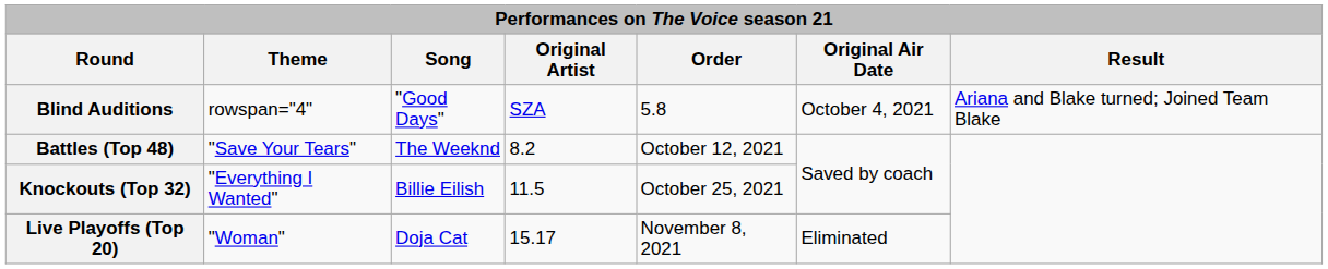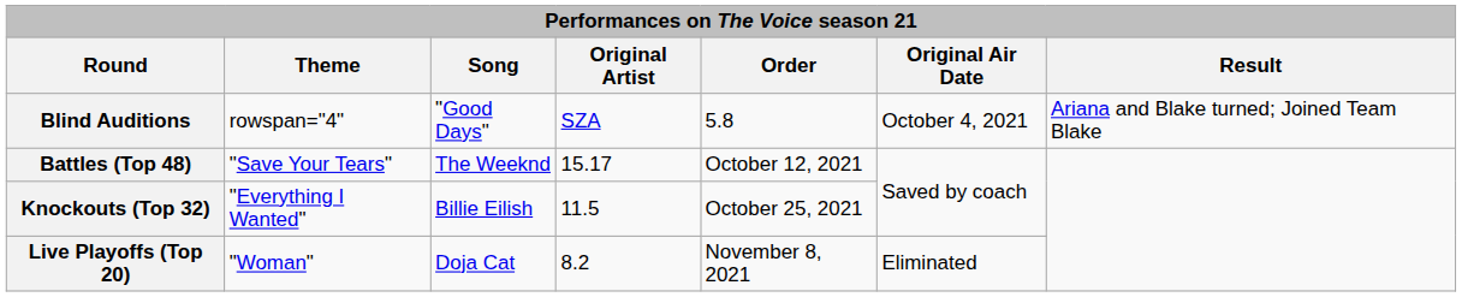 <table class="wikitable collapsible collapsed" style="width:90%; margin:1em auto 1em auto;">
 <tr>
 <th colspan="7" style="background:#BFBFBF;">Performances on <em>The Voice</em> season 21</th>
 </tr>
 <tr>
 <th>Round</th>
 <th>Theme</th>
 <th>Song</th>
 <th>Original Artist</th>
 <th>Order</th>
 <th>Original Air Date</th>
 <th>Result</th>
 </tr>
 <tr>
 <th>Blind Auditions</th>
 <td>rowspan="4" </td>
 <td>"<a href='#'>Good Days</a>"</td>
 <td><a href='#'>SZA</a></td>
 <td>5.8</td>
 <td>October 4, 2021</td>
 <td><a href='#'>Ariana</a> and Blake turned; Joined Team Blake</td>
 </tr>
 <tr>
 <th>Battles (Top 48)</th>
 <td>"<a href='#'>Save Your Tears</a>" </td>
 <td><a href='#'>The Weeknd</a></td>
-<td>8.2</td>
+<td>15.17</td>
 <td>October 12, 2021</td>
 <td rowspan="2">Saved by coach</td>
 </tr>
 <tr>
 <th>Knockouts (Top 32)</th>
 <td>"<a href='#'>Everything I Wanted</a>"</td>
 <td><a href='#'>Billie Eilish</a></td>
 <td>11.5</td>
 <td>October 25, 2021</td>
 </tr>
 <tr>
 <th>Live Playoffs (Top 20)</th>
 <td>"<a href='#'>Woman</a>"</td>
 <td><a href='#'>Doja Cat</a></td>
-<td>15.17</td>
+<td>8.2</td>
 <td>November 8, 2021</td>
 <td>Eliminated</td>
 </tr>
 </table>
